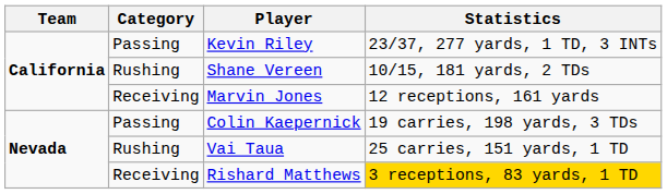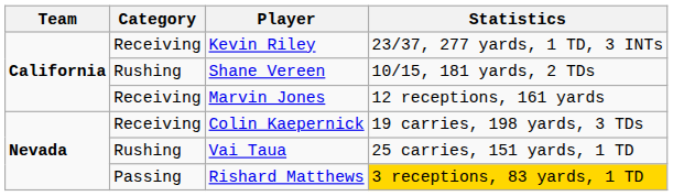 <table class="wikitable" style="float: left;">
 <tr>
 <th>Team</th>
 <th>Category</th>
 <th>Player</th>
 <th>Statistics</th>
 </tr>
 <tr>
 <td rowspan=3><strong>California</strong></td>
-<td>Passing</td>
+<td>Receiving</td>
 <td><a href='#'>Kevin Riley</a></td>
 <td>23/37, 277 yards, 1 TD, 3 INTs</td>
 </tr>
 <tr>
 <td>Rushing</td>
 <td><a href='#'>Shane Vereen</a></td>
 <td>10/15, 181 yards, 2 TDs</td>
 </tr>
 <tr>
 <td>Receiving</td>
 <td><a href='#'>Marvin Jones</a></td>
 <td>12 receptions, 161 yards</td>
 </tr>
 <tr>
 <td rowspan=3><strong>Nevada</strong></td>
-<td>Passing</td>
+<td>Receiving</td>
 <td><a href='#'>Colin Kaepernick</a></td>
 <td>19 carries, 198 yards, 3 TDs</td>
 </tr>
 <tr>
 <td>Rushing</td>
 <td><a href='#'>Vai Taua</a></td>
 <td>25 carries, 151 yards, 1 TD</td>
 </tr>
 <tr>
-<td>Receiving</td>
+<td>Passing</td>
 <td><a href='#'>Rishard Matthews</a></td>
 <td style="background: gold;">3 receptions, 83 yards, 1 TD</td>
 </tr>
 </table>
